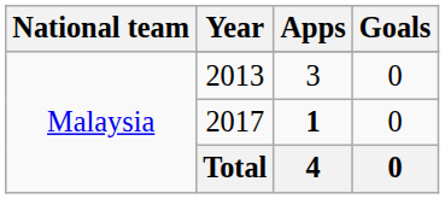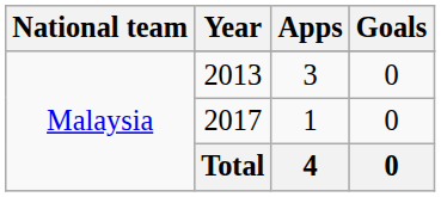 <table class="wikitable" style="text-align: center;">
 <tr>
 <th>National team</th>
 <th>Year</th>
 <th>Apps</th>
 <th>Goals</th>
 </tr>
 <tr>
 <td rowspan=4><a href='#'>Malaysia</a></td>
 </tr>
 <tr>
 <td>2013</td>
 <td>3</td>
 <td>0</td>
 </tr>
 <tr>
 <td>2017</td>
-<td><strong>1</strong></td>
+<td>1</td>
 <td>0</td>
 </tr>
 <tr>
 <th>Total</th>
 <th>4</th>
 <th>0</th>
 </tr>
 </table>
